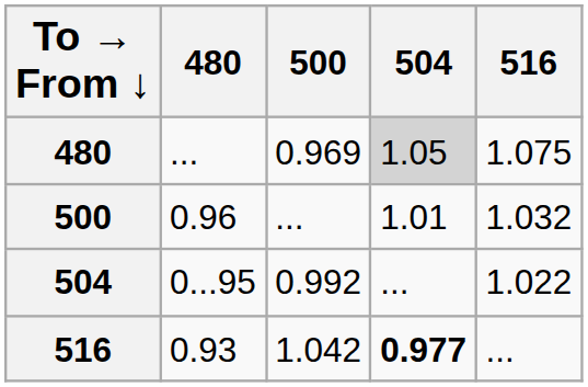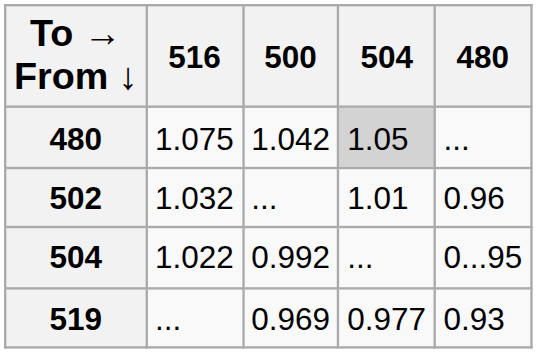 <table class="wikitable">
 <tr>
 <th>To →<br>From ↓</th>
-<th><small>480</small></th>
+<th><small>516</small></th>
 <th><small>500</small></th>
 <th><small>504</small></th>
-<th><small>516</small></th>
+<th><small>480</small></th>
 </tr>
 <tr>
 <th><small>480</small></th>
+<td><small>1.075</small></td>
+<td><small>1.042</small></td>
+<td style="background: lightgrey;"><small>1.05</small></td>
 <td><small>...</small></td>
-<td><small>0.969</small></td>
-<td style="background: lightgrey;"><small>1.05</small></td>
-<td><small>1.075</small></td>
 </tr>
 <tr>
-<th><small>500</small></th>
-<td><small>0.96</small></td>
+<th><small>502</small></th>
+<td><small>1.032</small></td>
 <td><small>...</small></td>
 <td><small>1.01</small></td>
-<td><small>1.032</small></td>
+<td><small>0.96</small></td>
 </tr>
 <tr>
 <th><small>504</small></th>
-<td><small>0...95</small></td>
+<td><small>1.022</small></td>
 <td><small>0.992</small></td>
 <td><small>...</small></td>
-<td><small>1.022</small></td>
+<td><small>0...95</small></td>
 </tr>
 <tr>
-<th><small>516</small></th>
+<th><small>519</small></th>
+<td><small>...</small></td>
+<td><small>0.969</small></td>
+<td><small>0.977</small></td>
 <td><small>0.93</small></td>
-<td><small>1.042</small></td>
-<td><strong><small>0.977</small></strong></td>
-<td><small>...</small></td>
 </tr>
 </table>
